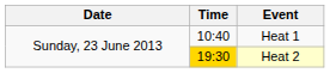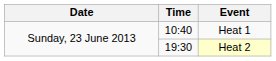 <table class = "wikitable" style="text-align:center;">
 <tr>
 <th width=220>Date</th>
 <th width=50>Time</th>
 <th width=100>Event</th>
 </tr>
 <tr>
 <td rowspan=2>Sunday, 23 June 2013</td>
 <td>10:40</td>
 <td>Heat 1</td>
 </tr>
 <tr>
-<td style="background: gold;">19:30</td>
+<td>19:30</td>
 <td bgcolor=ffffcc>Heat 2</td>
 </tr>
 </table>
